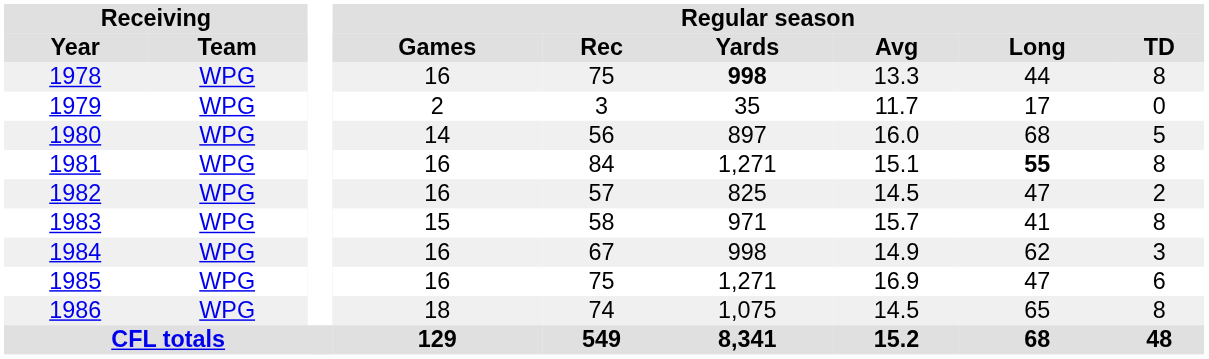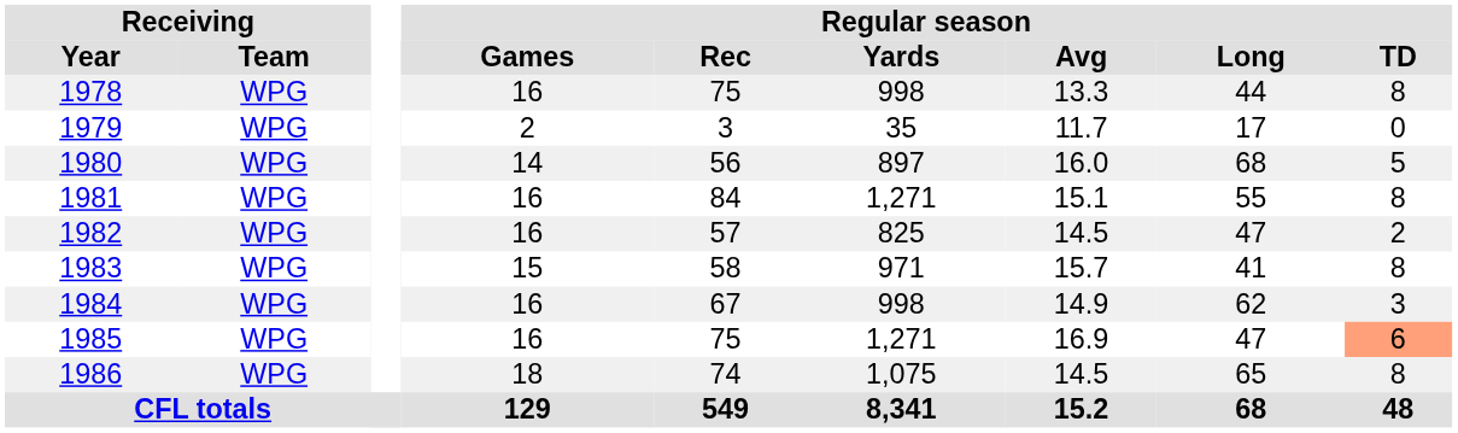 <table BORDER="0" CELLPADDING="1" CELLSPACING="0" width="65%" style="text-align:center">
 <tr bgcolor="#e0e0e0">
 <th colspan="2">Receiving</th>
 <th rowspan="99" bgcolor="#ffffff"> </th>
 <th colspan="6">Regular season</th>
 </tr>
 <tr bgcolor="#e0e0e0">
 <th>Year</th>
 <th>Team</th>
 <th>Games</th>
 <th>Rec</th>
 <th>Yards</th>
 <th>Avg</th>
 <th>Long</th>
 <th>TD</th>
 </tr>
 <tr ALIGN="center" bgcolor="#f0f0f0">
 <td><a href='#'>1978</a></td>
 <td><a href='#'>WPG</a></td>
 <td>16</td>
 <td>75</td>
-<td><strong>998</strong></td>
+<td>998</td>
 <td>13.3</td>
 <td>44</td>
 <td>8</td>
 </tr>
 <tr ALIGN="center">
 <td><a href='#'>1979</a></td>
 <td><a href='#'>WPG</a></td>
 <td>2</td>
 <td>3</td>
 <td>35</td>
 <td>11.7</td>
 <td>17</td>
 <td>0</td>
 </tr>
 <tr ALIGN="center" bgcolor="#f0f0f0">
 <td><a href='#'>1980</a></td>
 <td><a href='#'>WPG</a></td>
 <td>14</td>
 <td>56</td>
 <td>897</td>
 <td>16.0</td>
 <td>68</td>
 <td>5</td>
 </tr>
 <tr>
 <td><a href='#'>1981</a></td>
 <td><a href='#'>WPG</a></td>
 <td>16</td>
 <td>84</td>
 <td>1,271</td>
 <td>15.1</td>
-<td><strong>55</strong></td>
+<td>55</td>
 <td>8</td>
 </tr>
 <tr ALIGN="center" bgcolor="#f0f0f0">
 <td><a href='#'>1982</a></td>
 <td><a href='#'>WPG</a></td>
 <td>16</td>
 <td>57</td>
 <td>825</td>
 <td>14.5</td>
 <td>47</td>
 <td>2</td>
 </tr>
 <tr>
 <td><a href='#'>1983</a></td>
 <td><a href='#'>WPG</a></td>
 <td>15</td>
 <td>58</td>
 <td>971</td>
 <td>15.7</td>
 <td>41</td>
 <td>8</td>
 </tr>
 <tr ALIGN="center" bgcolor="#f0f0f0">
 <td><a href='#'>1984</a></td>
 <td><a href='#'>WPG</a></td>
 <td>16</td>
 <td>67</td>
 <td>998</td>
 <td>14.9</td>
 <td>62</td>
 <td>3</td>
 </tr>
 <tr>
 <td><a href='#'>1985</a></td>
 <td><a href='#'>WPG</a></td>
 <td>16</td>
 <td>75</td>
 <td>1,271</td>
 <td>16.9</td>
 <td>47</td>
-<td>6</td>
+<td style="background: lightsalmon;">6</td>
 </tr>
 <tr ALIGN="center" bgcolor="#f0f0f0">
 <td><a href='#'>1986</a></td>
 <td><a href='#'>WPG</a></td>
 <td>18</td>
 <td>74</td>
 <td>1,075</td>
 <td>14.5</td>
 <td>65</td>
 <td>8</td>
 </tr>
 <tr bgcolor="#e0e0e0">
 <th colspan="3"><a href='#'>CFL totals</a></th>
 <th>129</th>
 <th>549</th>
 <th>8,341</th>
 <th>15.2</th>
 <th>68</th>
 <th>48</th>
 </tr>
 </table>
